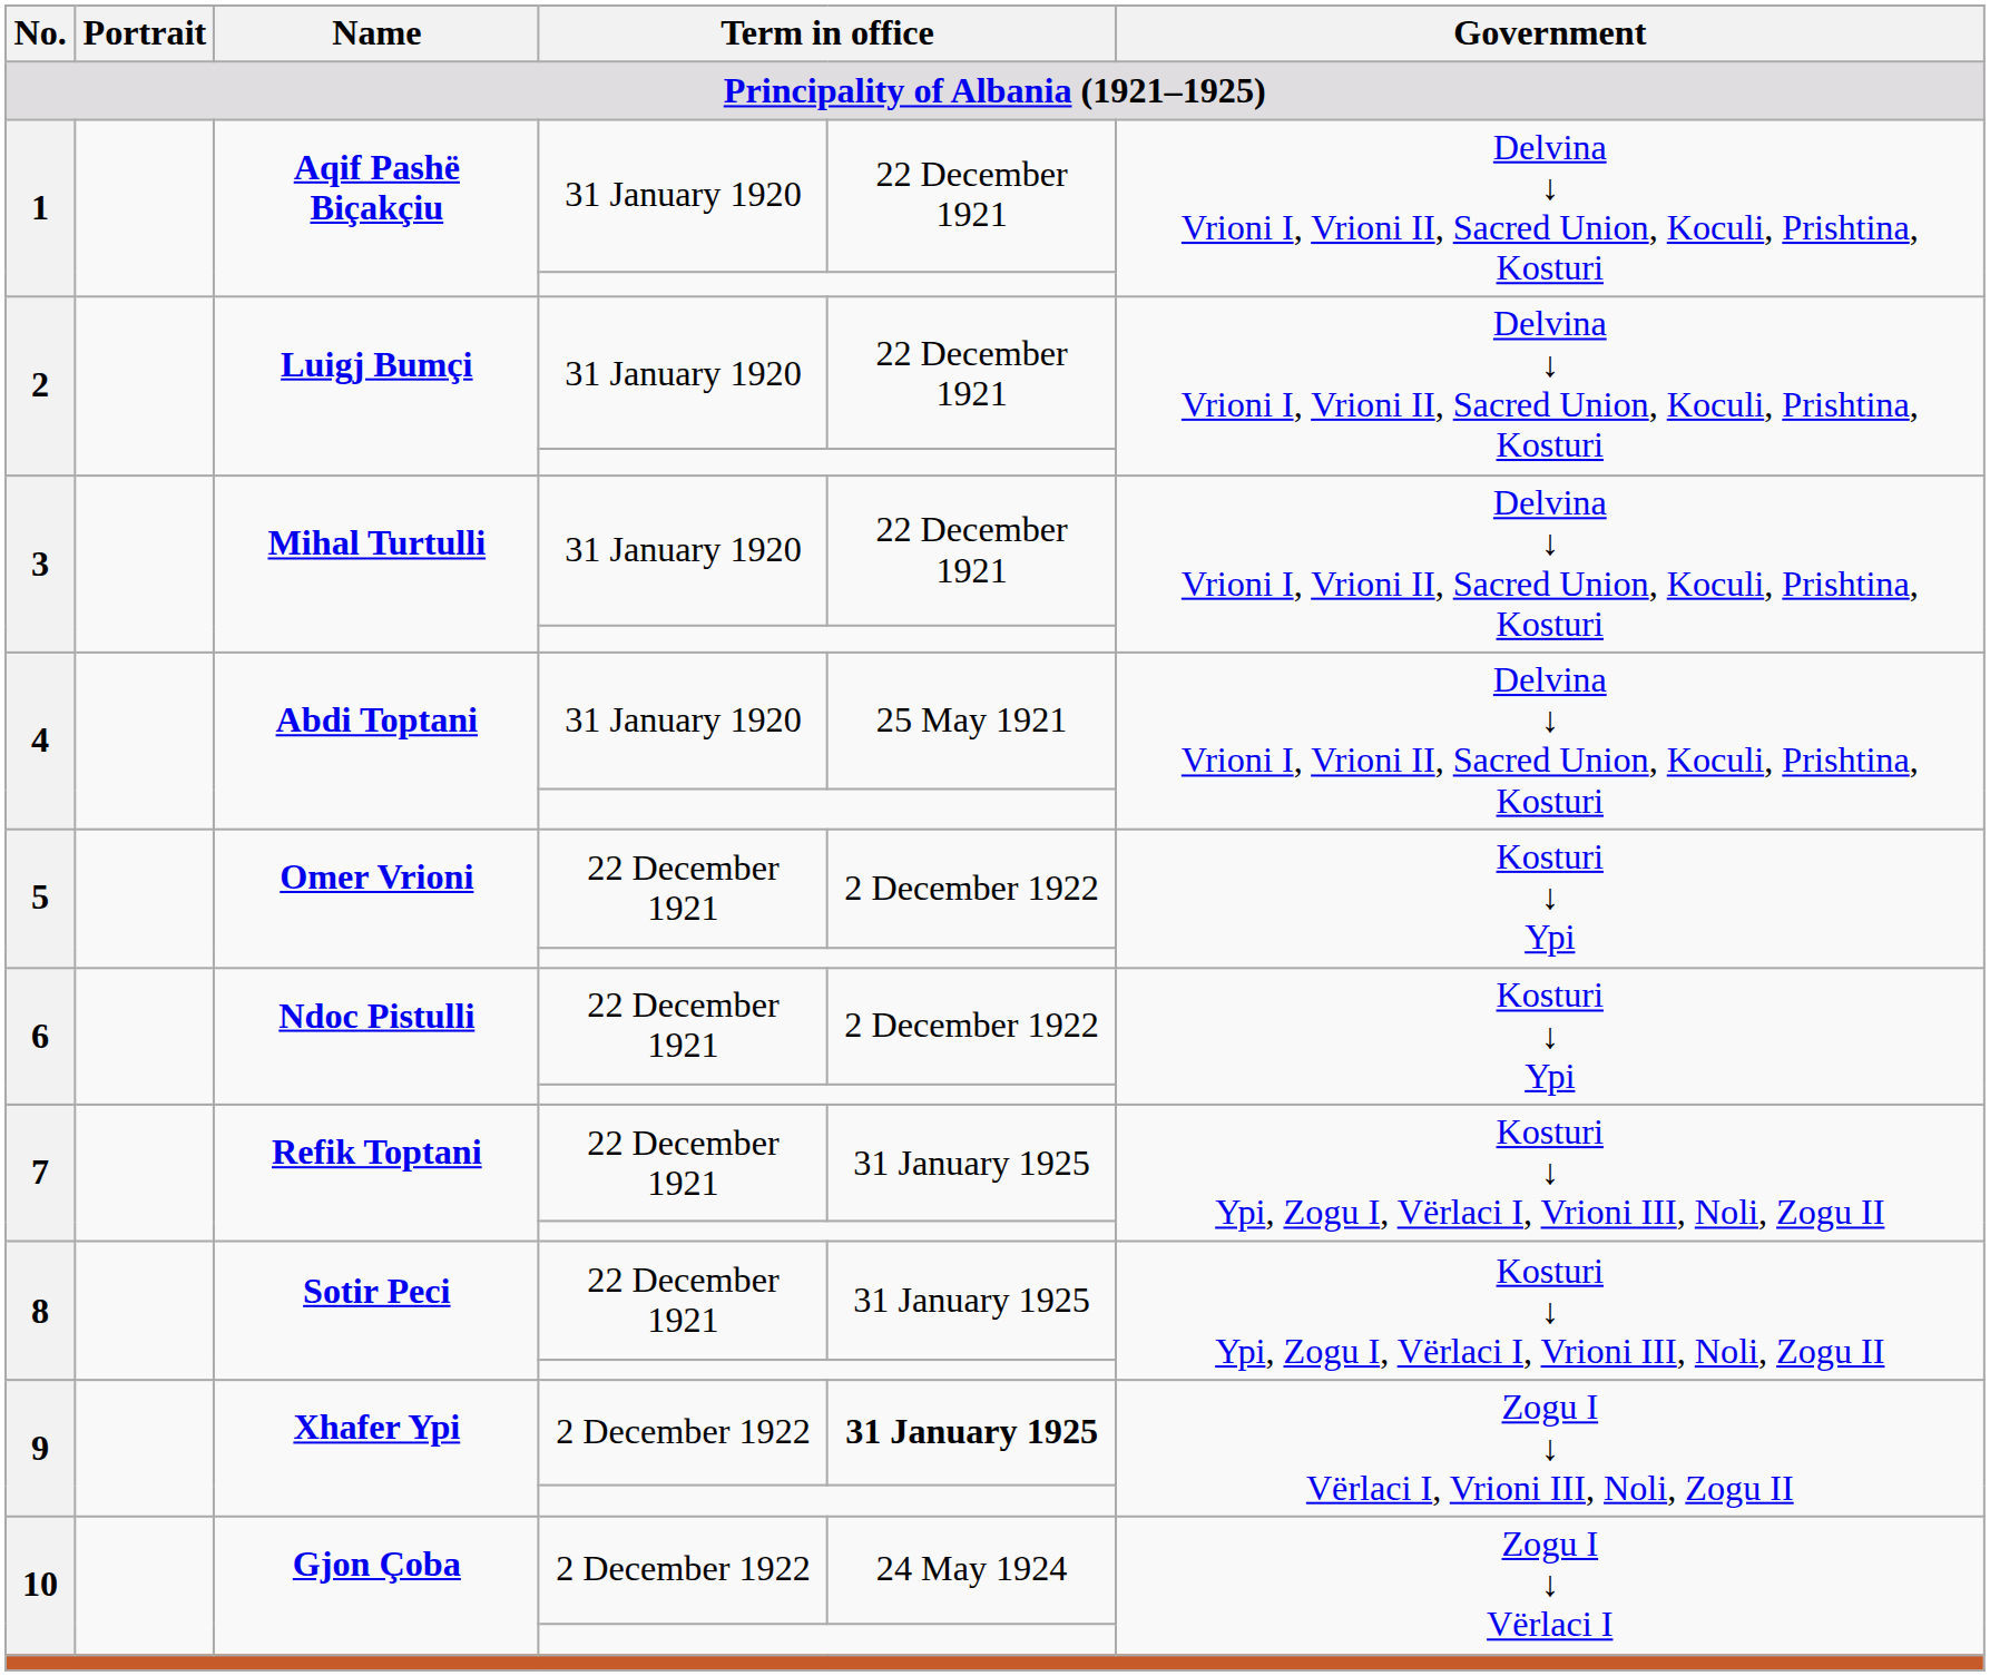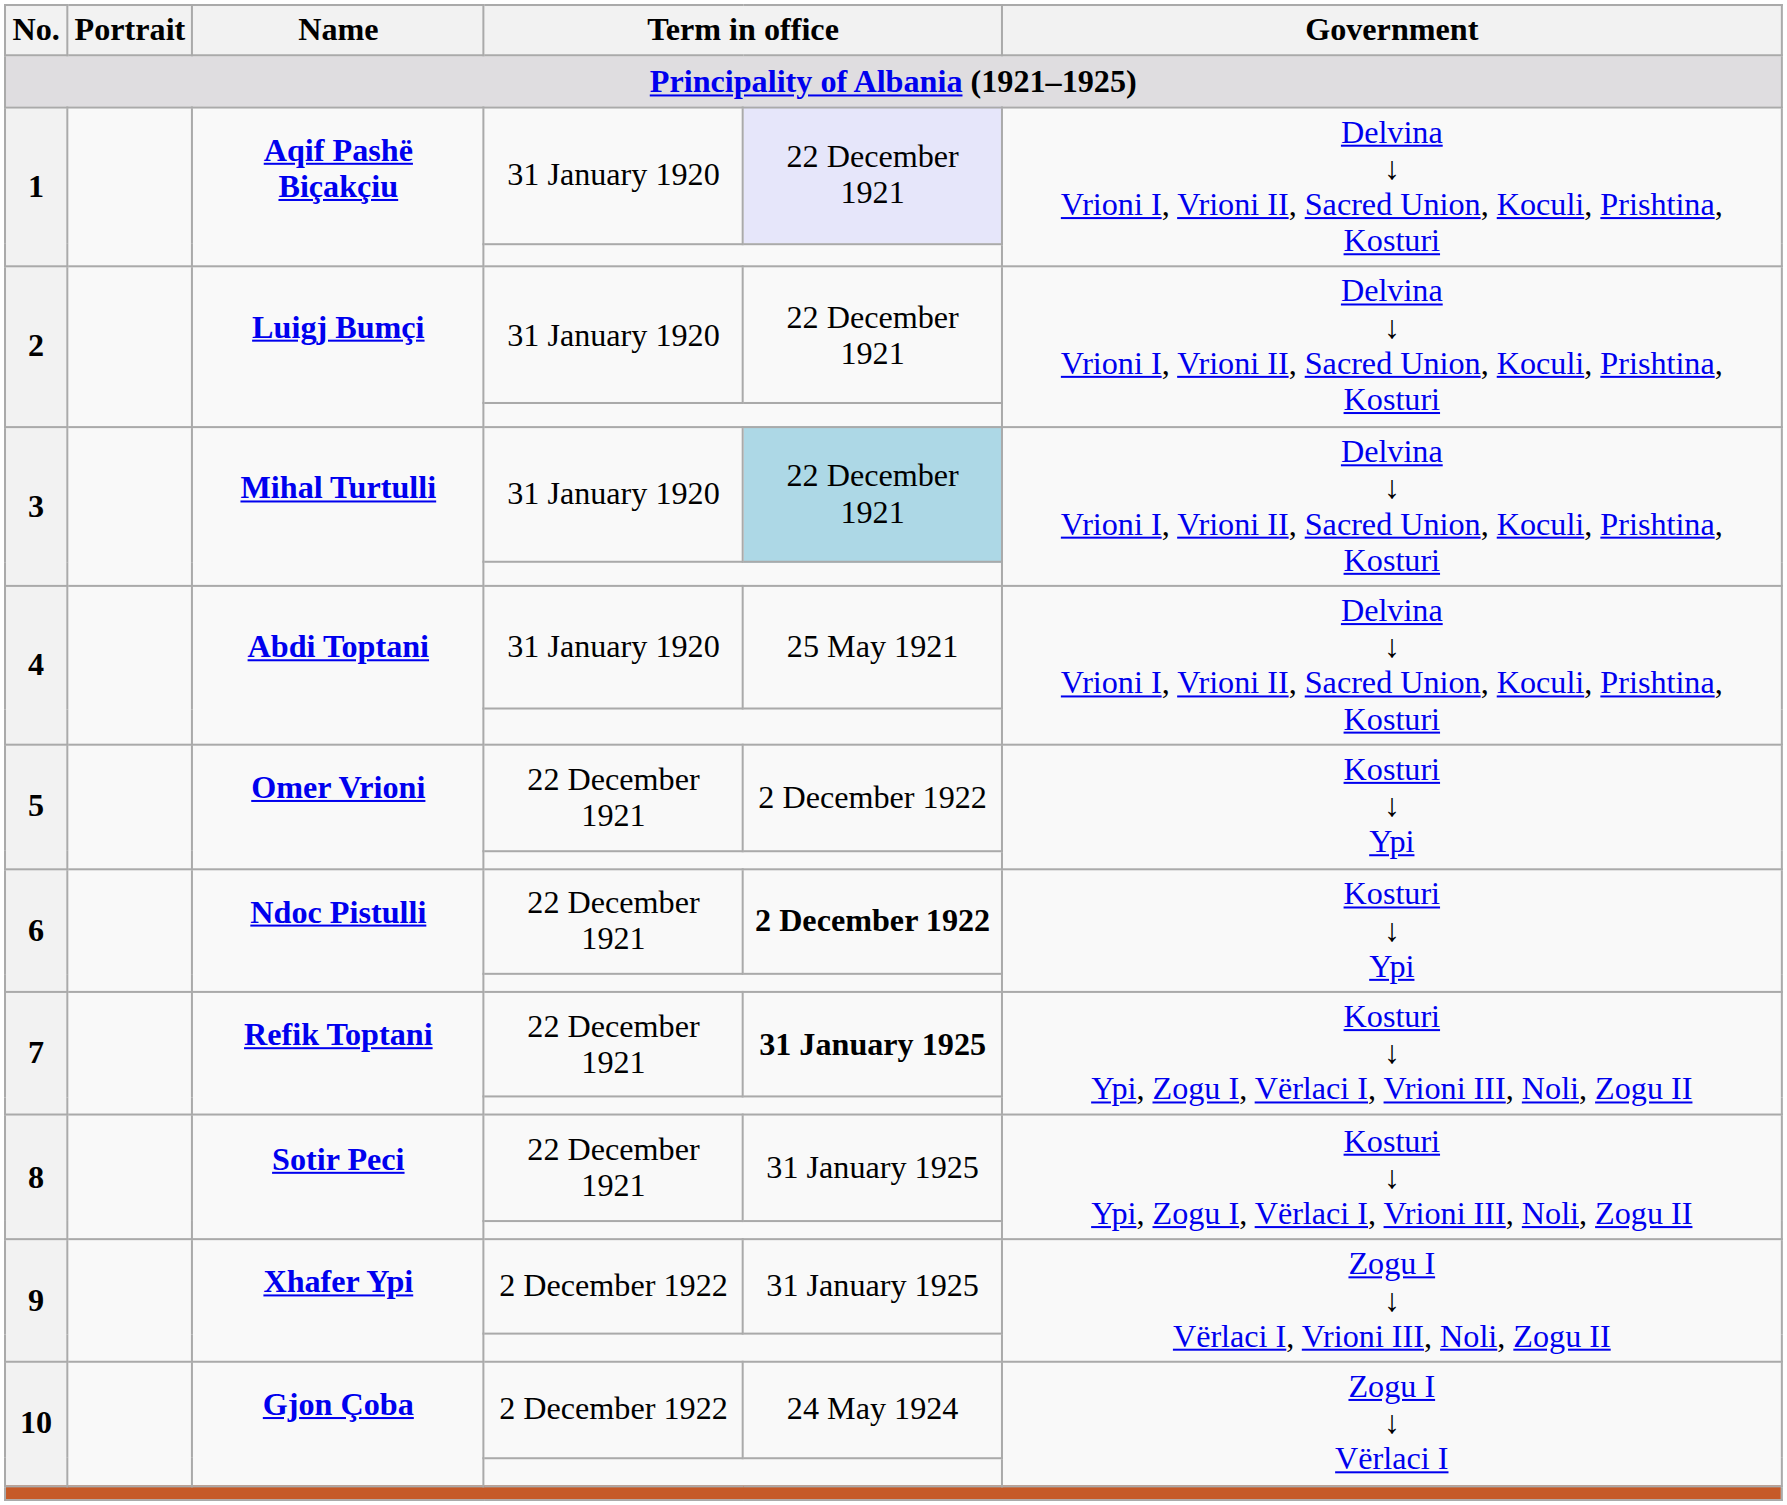 <table class="wikitable" style="text-align:center;" width="70%">
 <tr>
 <th>No.</th>
 <th>Portrait</th>
 <th>Name</th>
 <th colspan=2>Term in office</th>
 <th>Government</th>
 </tr>
 <tr>
 <td colspan="8" bgcolor="#dfdde0" align=center> <strong><a href='#'>Principality of Albania</a> (1921–1925)</strong></td>
 </tr>
 <tr>
 <th rowspan="2">1</th>
 <td rowspan="2"></td>
 <td rowspan="2"><strong><a href='#'>Aqif Pashë Biçakçiu</a></strong><br><br></td>
 <td>31 January 1920</td>
-<td>22 December 1921</td>
+<td style="background: lavender;">22 December 1921</td>
 <td rowspan=2><a href='#'>Delvina</a><br>↓<br><a href='#'>Vrioni I</a>, <a href='#'>Vrioni II</a>, <a href='#'>Sacred Union</a>, <a href='#'>Koculi</a>, <a href='#'>Prishtina</a>, <a href='#'>Kosturi</a></td>
 </tr>
 <tr>
 <td colspan="2"><em></em></td>
 </tr>
 <tr>
 <th rowspan="2">2</th>
 <td rowspan="2"></td>
 <td rowspan="2"><strong><a href='#'>Luigj Bumçi</a></strong><br><br></td>
 <td>31 January 1920</td>
 <td>22 December 1921</td>
 <td rowspan=2><a href='#'>Delvina</a><br>↓<br><a href='#'>Vrioni I</a>, <a href='#'>Vrioni II</a>, <a href='#'>Sacred Union</a>, <a href='#'>Koculi</a>, <a href='#'>Prishtina</a>, <a href='#'>Kosturi</a></td>
 </tr>
 <tr>
 <td colspan="2"><em></em></td>
 </tr>
 <tr>
 <th rowspan="2">3</th>
 <td rowspan="2"></td>
 <td rowspan="2"><strong><a href='#'>Mihal Turtulli</a></strong><br><br></td>
 <td>31 January 1920</td>
-<td>22 December 1921</td>
+<td style="background: lightblue;">22 December 1921</td>
 <td rowspan=2><a href='#'>Delvina</a><br>↓<br><a href='#'>Vrioni I</a>, <a href='#'>Vrioni II</a>, <a href='#'>Sacred Union</a>, <a href='#'>Koculi</a>, <a href='#'>Prishtina</a>, <a href='#'>Kosturi</a></td>
 </tr>
 <tr>
 <td colspan="2"><em></em></td>
 </tr>
 <tr>
 <th rowspan="2">4</th>
 <td rowspan="2"></td>
 <td rowspan="2"><strong><a href='#'>Abdi Toptani</a></strong><br><br></td>
 <td>31 January 1920</td>
 <td>25 May 1921</td>
 <td rowspan=2><a href='#'>Delvina</a><br>↓<br><a href='#'>Vrioni I</a>, <a href='#'>Vrioni II</a>, <a href='#'>Sacred Union</a>, <a href='#'>Koculi</a>, <a href='#'>Prishtina</a>, <a href='#'>Kosturi</a></td>
 </tr>
 <tr>
 <td colspan="2"><em></em></td>
 </tr>
 <tr>
 <th rowspan="2">5</th>
 <td rowspan="2"></td>
 <td rowspan="2"><strong><a href='#'>Omer Vrioni</a></strong><br><br></td>
 <td>22 December 1921</td>
 <td>2 December 1922</td>
 <td rowspan=2><a href='#'>Kosturi</a><br>↓<br><a href='#'>Ypi</a></td>
 </tr>
 <tr>
 <td colspan="2"><em></em></td>
 </tr>
 <tr>
 <th rowspan="2">6</th>
 <td rowspan="2"></td>
 <td rowspan="2"><strong><a href='#'>Ndoc Pistulli</a></strong><br><br></td>
 <td>22 December 1921</td>
-<td>2 December 1922</td>
+<td><strong>2 December 1922</strong></td>
 <td rowspan=2><a href='#'>Kosturi</a><br>↓<br><a href='#'>Ypi</a></td>
 </tr>
 <tr>
 <td colspan="2"><em></em></td>
 </tr>
 <tr>
 <th rowspan="2">7</th>
 <td rowspan="2"></td>
 <td rowspan="2"><strong><a href='#'>Refik Toptani</a></strong><br><br></td>
 <td>22 December 1921</td>
-<td>31 January 1925</td>
+<td><strong>31 January 1925</strong></td>
 <td rowspan=2><a href='#'>Kosturi</a><br>↓<br><a href='#'>Ypi</a>, <a href='#'>Zogu I</a>, <a href='#'>Vërlaci I</a>, <a href='#'>Vrioni III</a>, <a href='#'>Noli</a>, <a href='#'>Zogu II</a></td>
 </tr>
 <tr>
 <td colspan="2"><em></em></td>
 </tr>
 <tr>
 <th rowspan="2">8</th>
 <td rowspan="2"></td>
 <td rowspan="2"><strong><a href='#'>Sotir Peci</a></strong><br><br></td>
 <td>22 December 1921</td>
 <td>31 January 1925</td>
 <td rowspan=2><a href='#'>Kosturi</a><br>↓<br><a href='#'>Ypi</a>, <a href='#'>Zogu I</a>, <a href='#'>Vërlaci I</a>, <a href='#'>Vrioni III</a>, <a href='#'>Noli</a>, <a href='#'>Zogu II</a></td>
 </tr>
 <tr>
 <td colspan="2"><em></em></td>
 </tr>
 <tr>
 <th rowspan="2">9</th>
 <td rowspan="2"></td>
 <td rowspan="2"><strong><a href='#'>Xhafer Ypi</a></strong><br><br></td>
 <td>2 December 1922</td>
-<td><strong>31 January 1925</strong></td>
+<td>31 January 1925</td>
 <td rowspan=2><a href='#'>Zogu I</a><br>↓<br><a href='#'>Vërlaci I</a>, <a href='#'>Vrioni III</a>, <a href='#'>Noli</a>, <a href='#'>Zogu II</a></td>
 </tr>
 <tr>
 <td colspan="2"><em></em></td>
 </tr>
 <tr>
 <th rowspan="2">10</th>
 <td rowspan="2"></td>
 <td rowspan="2"><strong><a href='#'>Gjon Çoba</a></strong><br><br></td>
 <td>2 December 1922</td>
 <td>24 May 1924</td>
 <td rowspan=2><a href='#'>Zogu I</a><br>↓<br><a href='#'>Vërlaci I</a></td>
 </tr>
 <tr>
 <td colspan="2"><em></em></td>
 </tr>
 <tr>
 <td colspan="6" bgcolor="#c65a28"></td>
 </tr>
 <tr>
 </tr>
 </table>
